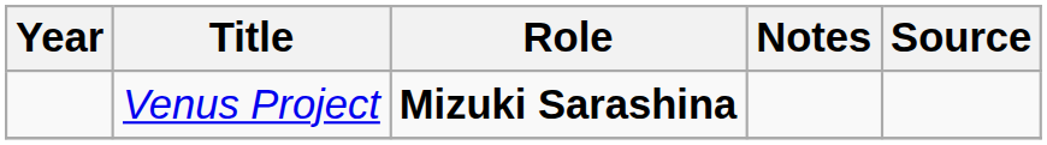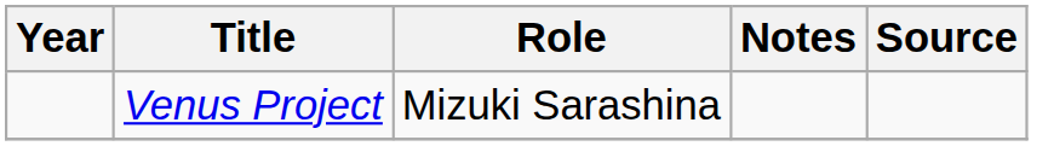 <table class="wikitable sortable plainrowheaders">
 <tr>
 <th>Year</th>
 <th>Title</th>
 <th>Role</th>
 <th class="unsortable">Notes</th>
 <th class="unsortable">Source</th>
 </tr>
 <tr>
 <td></td>
 <td><em><a href='#'>Venus Project</a></em></td>
-<td><strong>Mizuki Sarashina</strong></td>
+<td>Mizuki Sarashina</td>
 <td></td>
 <td></td>
 </tr>
 <tr>
 </tr>
 </table>
